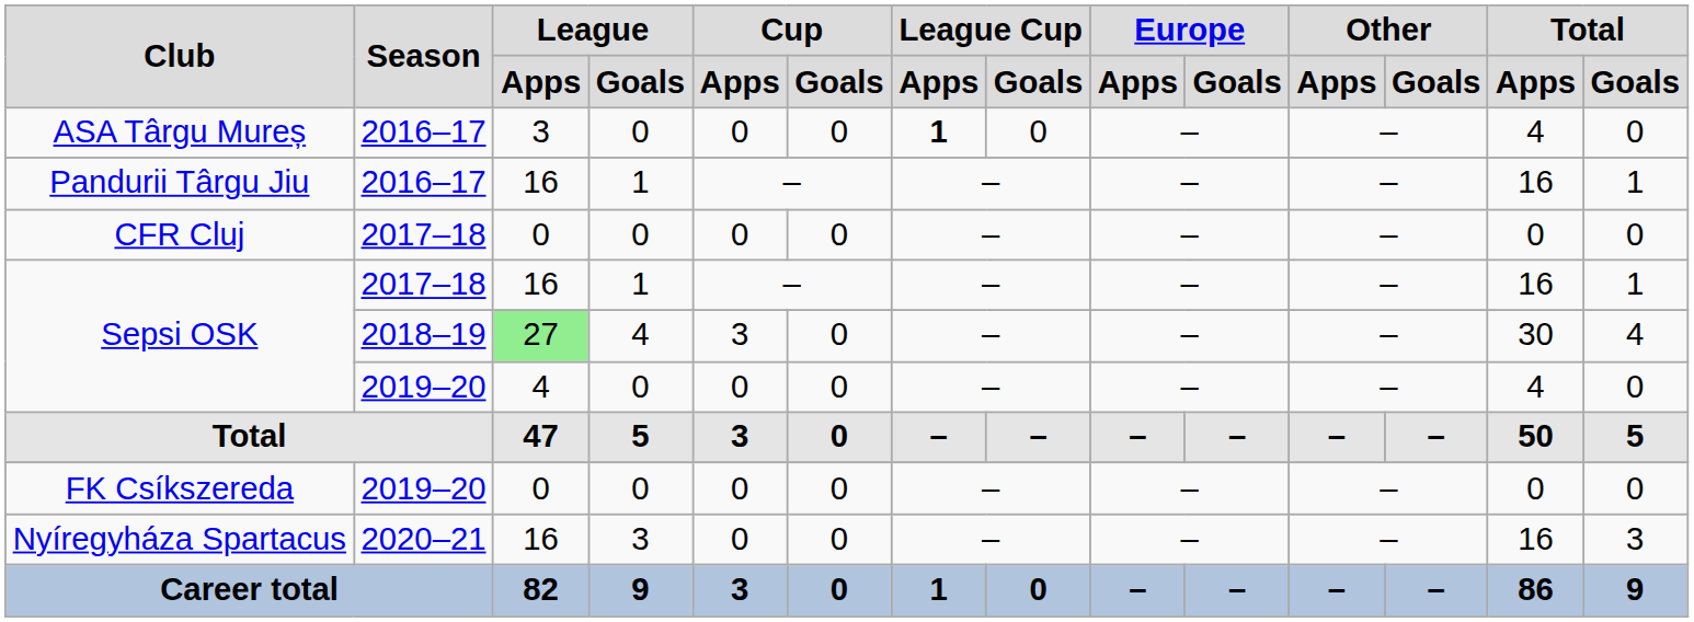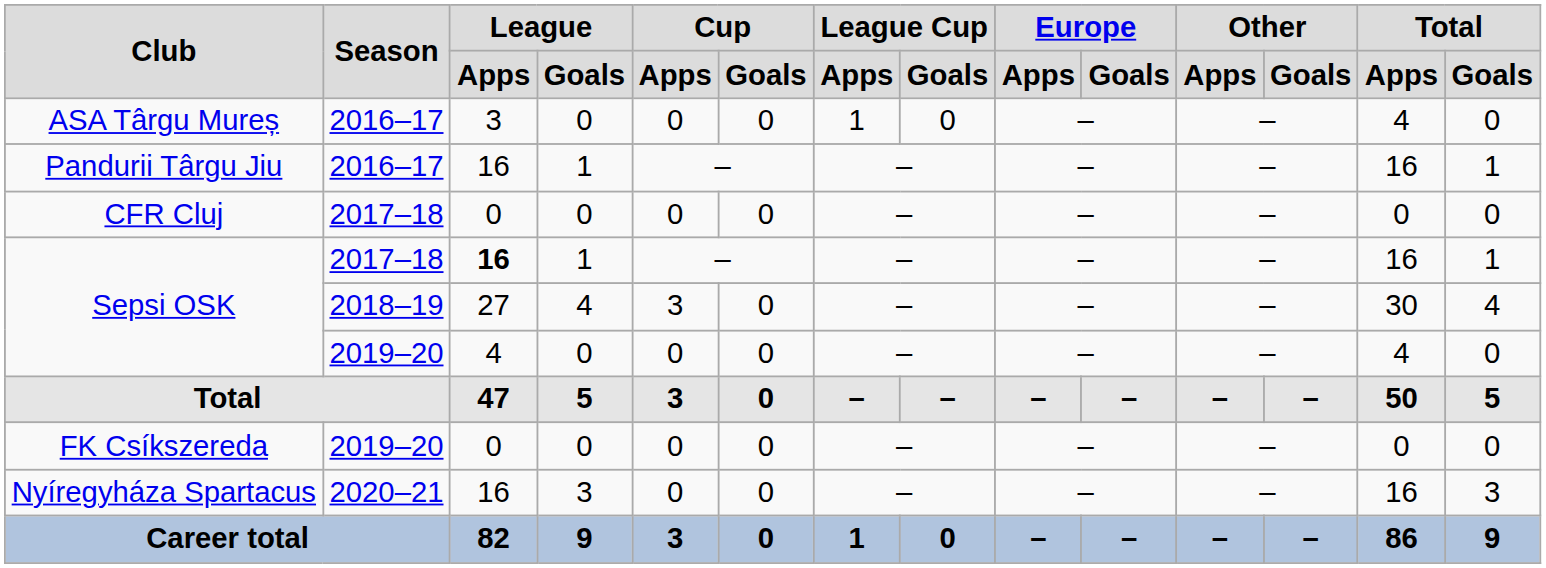 <table class="wikitable" style="text-align:center">
 <tr>
 <th style="background: #DCDCDC; text-align: center" rowspan="2"><strong>Club</strong></th>
 <th style="background: #DCDCDC; text-align: center" rowspan="2"><strong>Season</strong></th>
 <th style="background: #DCDCDC; text-align: center" colspan="2"><strong>League</strong></th>
 <th style="background: #DCDCDC; text-align: center" colspan="2"><strong>Cup</strong></th>
 <th style="background: #DCDCDC; text-align: center" colspan="2"><strong>League Cup</strong></th>
 <th style="background: #DCDCDC; text-align: center" colspan="2"><a href='#'>Europe</a></th>
 <th style="background: #DCDCDC; text-align: center" colspan="2"><strong>Other</strong></th>
 <th style="background: #DCDCDC; text-align: center" colspan="3"><strong>Total</strong></th>
 </tr>
 <tr>
 <th style="background:#dcdcdc; text-align:center;">Apps</th>
 <th style="background:#dcdcdc; text-align:center;">Goals</th>
 <th style="background:#dcdcdc; text-align:center;">Apps</th>
 <th style="background:#dcdcdc; text-align:center;">Goals</th>
 <th style="background:#dcdcdc; text-align:center;">Apps</th>
 <th style="background:#dcdcdc; text-align:center;">Goals</th>
 <th style="background:#dcdcdc; text-align:center;">Apps</th>
 <th style="background:#dcdcdc; text-align:center;">Goals</th>
 <th style="background:#dcdcdc; text-align:center;">Apps</th>
 <th style="background:#dcdcdc; text-align:center;">Goals</th>
 <th style="background:#dcdcdc; text-align:center;">Apps</th>
 <th style="background:#dcdcdc; text-align:center;">Goals</th>
 </tr>
 <tr>
 <td rowspan="1"><a href='#'>ASA Târgu Mureș</a></td>
 <td><a href='#'>2016–17</a></td>
 <td>3</td>
 <td>0</td>
 <td>0</td>
 <td>0</td>
-<td><strong>1</strong></td>
+<td>1</td>
 <td>0</td>
 <td rowspan=1 colspan="2">–</td>
 <td rowspan=1 colspan="2">–</td>
 <td>4</td>
 <td>0</td>
 </tr>
 <tr>
 <td rowspan="1"><a href='#'>Pandurii Târgu Jiu</a></td>
 <td><a href='#'>2016–17</a></td>
 <td>16</td>
 <td>1</td>
 <td rowspan=1 colspan="2">–</td>
 <td rowspan=1 colspan="2">–</td>
 <td rowspan=1 colspan="2">–</td>
 <td rowspan=1 colspan="2">–</td>
 <td>16</td>
 <td>1</td>
 </tr>
 <tr>
 <td rowspan="1"><a href='#'>CFR Cluj</a></td>
 <td><a href='#'>2017–18</a></td>
 <td>0</td>
 <td>0</td>
 <td>0</td>
 <td>0</td>
 <td rowspan=1 colspan="2">–</td>
 <td rowspan=1 colspan="2">–</td>
 <td rowspan=1 colspan="2">–</td>
 <td>0</td>
 <td>0</td>
 </tr>
 <tr>
 <td rowspan="3"><a href='#'>Sepsi OSK</a></td>
 <td><a href='#'>2017–18</a></td>
-<td>16</td>
+<td><strong>16</strong></td>
 <td>1</td>
 <td rowspan=1 colspan="2">–</td>
 <td rowspan=1 colspan="2">–</td>
 <td rowspan=1 colspan="2">–</td>
 <td rowspan=1 colspan="2">–</td>
 <td>16</td>
 <td>1</td>
 </tr>
 <tr>
 <td><a href='#'>2018–19</a></td>
-<td style="background: lightgreen;">27</td>
+<td>27</td>
 <td>4</td>
 <td>3</td>
 <td>0</td>
 <td rowspan=1 colspan="2">–</td>
 <td rowspan=1 colspan="2">–</td>
 <td rowspan=1 colspan="2">–</td>
 <td>30</td>
 <td>4</td>
 </tr>
 <tr>
 <td><a href='#'>2019–20</a></td>
 <td>4</td>
 <td>0</td>
 <td>0</td>
 <td>0</td>
 <td rowspan=1 colspan="2">–</td>
 <td rowspan=1 colspan="2">–</td>
 <td rowspan=1 colspan="2">–</td>
 <td>4</td>
 <td>0</td>
 </tr>
 <tr>
 <th style="background: #E5E5E5; text-align: center" colspan="2">Total</th>
 <th style="background:#e5e5e5; text-align:center;">47</th>
 <th style="background:#e5e5e5; text-align:center;">5</th>
 <th style="background:#e5e5e5; text-align:center;">3</th>
 <th style="background:#e5e5e5; text-align:center;">0</th>
 <th style="background:#e5e5e5; text-align:center;">–</th>
 <th style="background:#e5e5e5; text-align:center;">–</th>
 <th style="background:#e5e5e5; text-align:center;">–</th>
 <th style="background:#e5e5e5; text-align:center;">–</th>
 <th style="background:#e5e5e5; text-align:center;">–</th>
 <th style="background:#e5e5e5; text-align:center;">–</th>
 <th style="background:#e5e5e5; text-align:center;">50</th>
 <th style="background:#e5e5e5; text-align:center;">5</th>
 </tr>
 <tr>
 <td rowspan="1"><a href='#'>FK Csíkszereda</a></td>
 <td><a href='#'>2019–20</a></td>
 <td>0</td>
 <td>0</td>
 <td>0</td>
 <td>0</td>
 <td rowspan=1 colspan="2">–</td>
 <td rowspan=1 colspan="2">–</td>
 <td rowspan=1 colspan="2">–</td>
 <td>0</td>
 <td>0</td>
 </tr>
 <tr>
 <td rowspan="1"><a href='#'>Nyíregyháza Spartacus</a></td>
 <td><a href='#'>2020–21</a></td>
 <td>16</td>
 <td>3</td>
 <td>0</td>
 <td>0</td>
 <td rowspan=1 colspan="2">–</td>
 <td rowspan=1 colspan="2">–</td>
 <td rowspan=1 colspan="2">–</td>
 <td>16</td>
 <td>3</td>
 </tr>
 <tr>
 <th style="background: #b0c4de; text-align: center" colspan="2"><strong>Career total</strong></th>
 <th style="background:#b0c4de; text-align:center;">82</th>
 <th style="background:#b0c4de; text-align:center;">9</th>
 <th style="background:#b0c4de; text-align:center;">3</th>
 <th style="background:#b0c4de; text-align:center;">0</th>
 <th style="background:#b0c4de; text-align:center;">1</th>
 <th style="background:#b0c4de; text-align:center;">0</th>
 <th style="background:#b0c4de; text-align:center;">–</th>
 <th style="background:#b0c4de; text-align:center;">–</th>
 <th style="background:#b0c4de; text-align:center;">–</th>
 <th style="background:#b0c4de; text-align:center;">–</th>
 <th style="background:#b0c4de; text-align:center;">86</th>
 <th style="background:#b0c4de; text-align:center;">9</th>
 </tr>
 </table>
